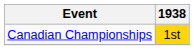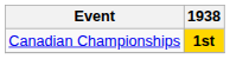 <table class="wikitable">
 <tr>
 <th>Event</th>
 <th>1938</th>
 </tr>
 <tr>
 <td><a href='#'>Canadian Championships</a></td>
-<td align="center" bgcolor="gold">1st</td>
+<td align="center" bgcolor="gold"><strong>1st</strong></td>
 </tr>
 <tr>
 </tr>
 </table>
